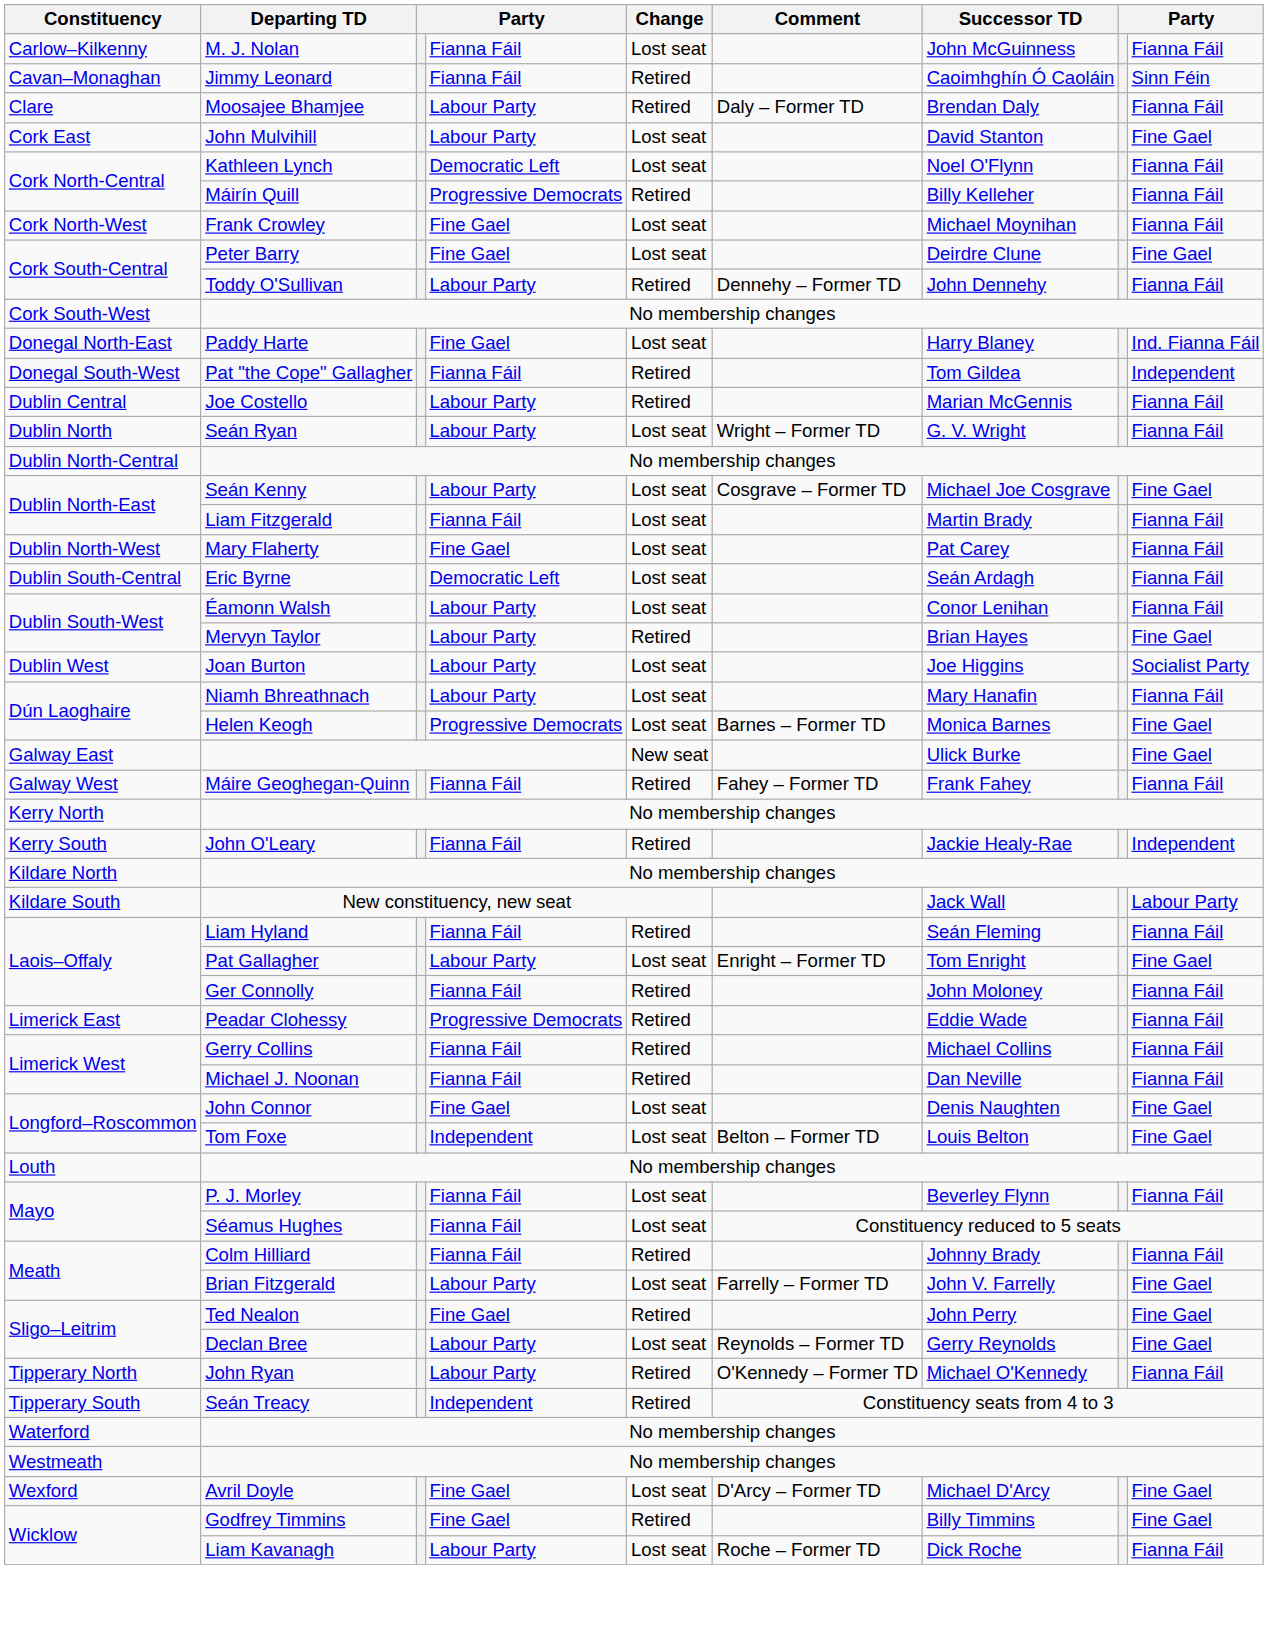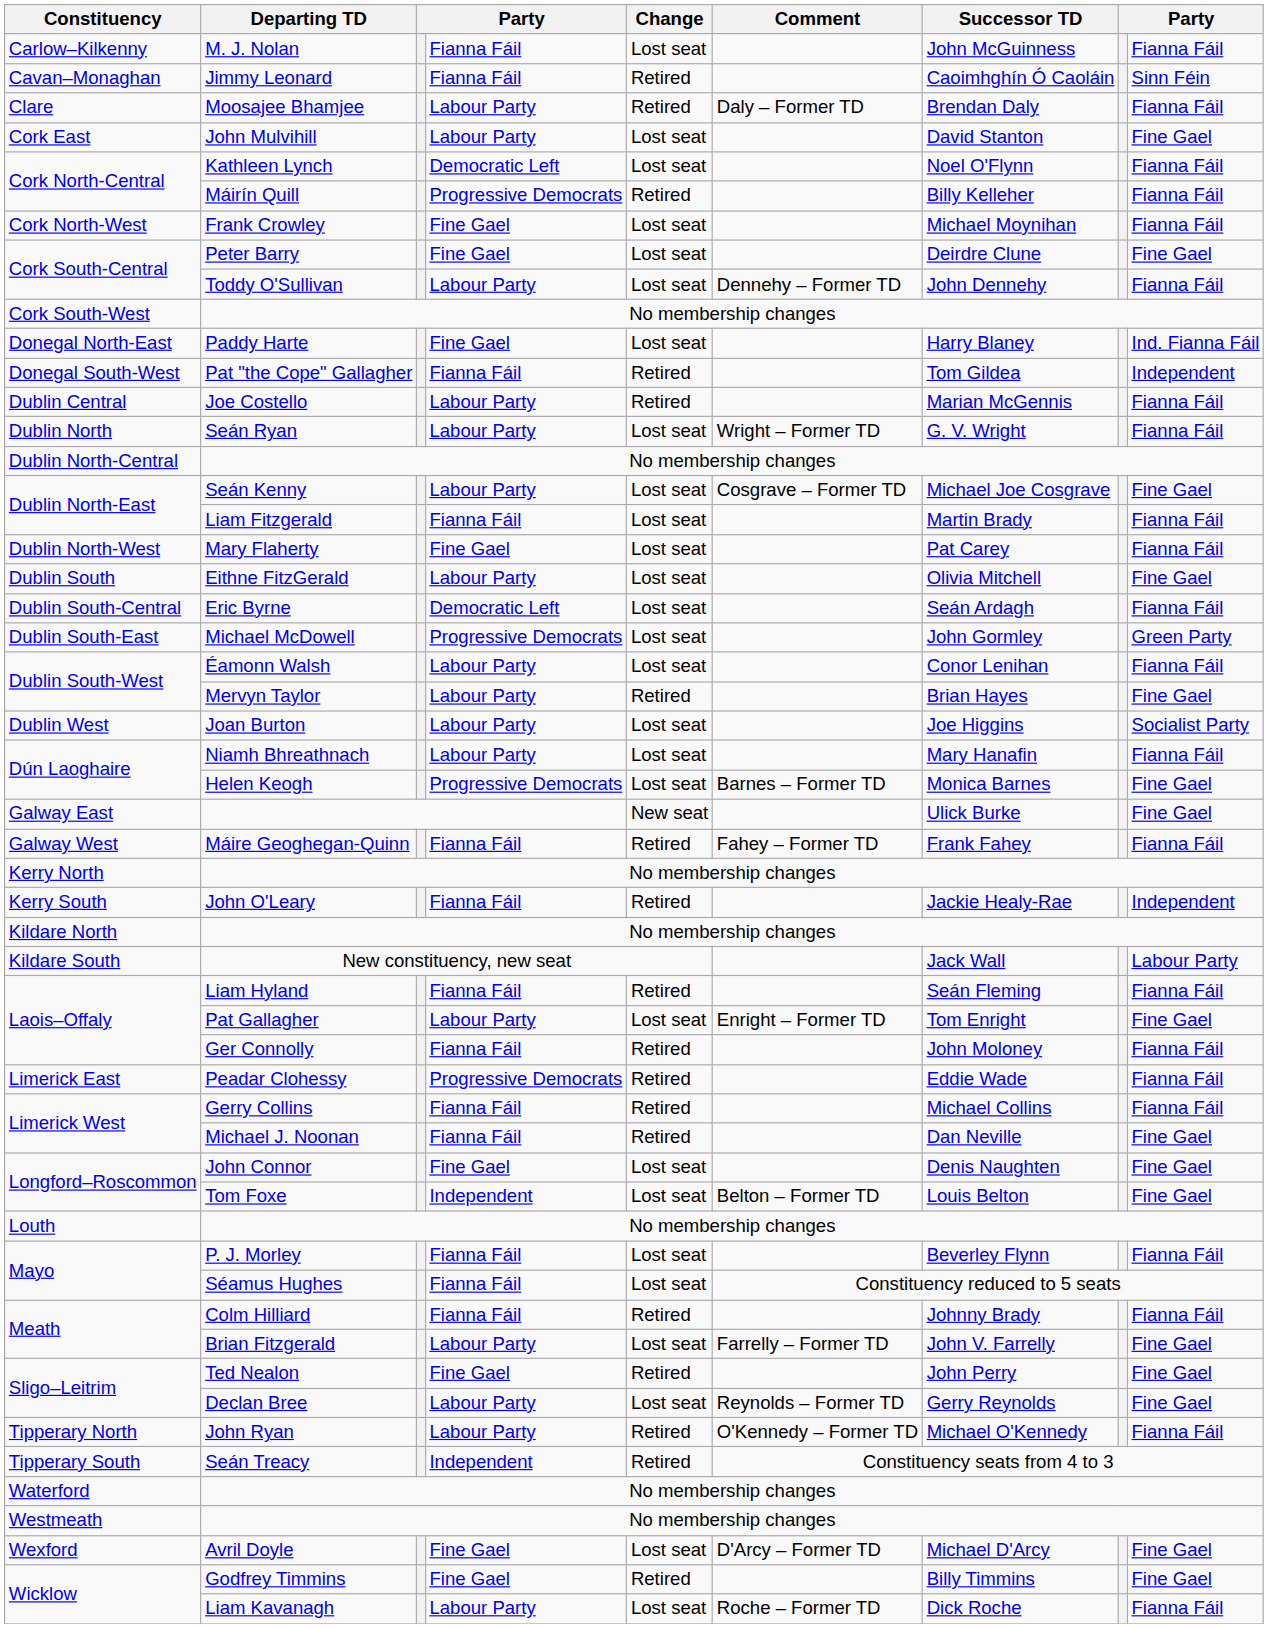 <table class="wikitable">
 <tr style="background: #efefef;">
 <th scope="col">Constituency</th>
 <th scope="col">Departing TD</th>
 <th scope="col" colspan="2">Party</th>
 <th scope="col">Change</th>
 <th scope="col">Comment</th>
 <th scope="col">Successor TD</th>
 <th scope="col" colspan="2">Party</th>
 </tr>
 <tr>
 <td><a href='#'>Carlow–Kilkenny</a></td>
 <td><a href='#'>M. J. Nolan</a></td>
 <th style="background-color: "></th>
 <td><a href='#'>Fianna Fáil</a></td>
 <td>Lost seat</td>
 <td></td>
 <td><a href='#'>John McGuinness</a></td>
 <th style="background-color: "></th>
 <td><a href='#'>Fianna Fáil</a></td>
 </tr>
 <tr>
 <td><a href='#'>Cavan–Monaghan</a></td>
 <td><a href='#'>Jimmy Leonard</a></td>
 <th style="background-color: "></th>
 <td><a href='#'>Fianna Fáil</a></td>
 <td>Retired</td>
 <td></td>
 <td><a href='#'>Caoimhghín Ó Caoláin</a></td>
 <th style="background-color: "></th>
 <td><a href='#'>Sinn Féin</a></td>
 </tr>
 <tr>
 <td><a href='#'>Clare</a></td>
 <td><a href='#'>Moosajee Bhamjee</a></td>
 <th style="background-color: "></th>
 <td><a href='#'>Labour Party</a></td>
 <td>Retired</td>
 <td>Daly – Former TD</td>
 <td><a href='#'>Brendan Daly</a></td>
 <th style="background-color: "></th>
 <td><a href='#'>Fianna Fáil</a></td>
 </tr>
 <tr>
 <td><a href='#'>Cork East</a></td>
 <td><a href='#'>John Mulvihill</a></td>
 <th style="background-color: "></th>
 <td><a href='#'>Labour Party</a></td>
 <td>Lost seat</td>
 <td></td>
 <td><a href='#'>David Stanton</a></td>
 <th style="background-color: "></th>
 <td><a href='#'>Fine Gael</a></td>
 </tr>
 <tr>
 <td rowspan=2><a href='#'>Cork North-Central</a></td>
 <td><a href='#'>Kathleen Lynch</a></td>
 <th style="background-color: "></th>
 <td><a href='#'>Democratic Left</a></td>
 <td>Lost seat</td>
 <td></td>
 <td><a href='#'>Noel O'Flynn</a></td>
 <th style="background-color: "></th>
 <td><a href='#'>Fianna Fáil</a></td>
 </tr>
 <tr>
 <td><a href='#'>Máirín Quill</a></td>
 <th style="background-color: "></th>
 <td><a href='#'>Progressive Democrats</a></td>
 <td>Retired</td>
 <td></td>
 <td><a href='#'>Billy Kelleher</a></td>
 <th style="background-color: "></th>
 <td><a href='#'>Fianna Fáil</a></td>
 </tr>
 <tr>
 <td><a href='#'>Cork North-West</a></td>
 <td><a href='#'>Frank Crowley</a></td>
 <th style="background-color: "></th>
 <td><a href='#'>Fine Gael</a></td>
 <td>Lost seat</td>
 <td></td>
 <td><a href='#'>Michael Moynihan</a></td>
 <th style="background-color: "></th>
 <td><a href='#'>Fianna Fáil</a></td>
 </tr>
 <tr>
 <td rowspan=2><a href='#'>Cork South-Central</a></td>
 <td><a href='#'>Peter Barry</a></td>
 <th style="background-color: "></th>
 <td><a href='#'>Fine Gael</a></td>
 <td>Lost seat</td>
 <td></td>
 <td><a href='#'>Deirdre Clune</a></td>
 <th style="background-color: "></th>
 <td><a href='#'>Fine Gael</a></td>
 </tr>
 <tr>
 <td><a href='#'>Toddy O'Sullivan</a></td>
 <th style="background-color: "></th>
 <td><a href='#'>Labour Party</a></td>
-<td>Retired</td>
+<td>Lost seat</td>
 <td>Dennehy – Former TD</td>
 <td><a href='#'>John Dennehy</a></td>
 <th style="background-color: "></th>
 <td><a href='#'>Fianna Fáil</a></td>
 </tr>
 <tr>
 <td><a href='#'>Cork South-West</a></td>
 <td colspan=8 align=center>No membership changes</td>
 </tr>
 <tr>
 <td><a href='#'>Donegal North-East</a></td>
 <td><a href='#'>Paddy Harte</a></td>
 <th style="background-color: "></th>
 <td><a href='#'>Fine Gael</a></td>
 <td>Lost seat</td>
 <td></td>
 <td><a href='#'>Harry Blaney</a></td>
 <th style="background-color: "></th>
 <td><a href='#'>Ind. Fianna Fáil</a></td>
 </tr>
 <tr>
 <td><a href='#'>Donegal South-West</a></td>
 <td><a href='#'>Pat "the Cope" Gallagher</a></td>
 <th style="background-color: "></th>
 <td><a href='#'>Fianna Fáil</a></td>
 <td>Retired</td>
 <td></td>
 <td><a href='#'>Tom Gildea</a></td>
 <th style="background-color: "></th>
 <td><a href='#'>Independent</a></td>
 </tr>
 <tr>
 <td><a href='#'>Dublin Central</a></td>
 <td><a href='#'>Joe Costello</a></td>
 <th style="background-color: "></th>
 <td><a href='#'>Labour Party</a></td>
 <td>Retired</td>
 <td></td>
 <td><a href='#'>Marian McGennis</a></td>
 <th style="background-color: "></th>
 <td><a href='#'>Fianna Fáil</a></td>
 </tr>
 <tr>
 <td><a href='#'>Dublin North</a></td>
 <td><a href='#'>Seán Ryan</a></td>
 <th style="background-color: "></th>
 <td><a href='#'>Labour Party</a></td>
 <td>Lost seat</td>
 <td>Wright – Former TD</td>
 <td><a href='#'>G. V. Wright</a></td>
 <th style="background-color: "></th>
 <td><a href='#'>Fianna Fáil</a></td>
 </tr>
 <tr>
 <td><a href='#'>Dublin North-Central</a></td>
 <td colspan=8 align=center>No membership changes</td>
 </tr>
 <tr>
 <td rowspan=2><a href='#'>Dublin North-East</a></td>
 <td><a href='#'>Seán Kenny</a></td>
 <th style="background-color: "></th>
 <td><a href='#'>Labour Party</a></td>
 <td>Lost seat</td>
 <td>Cosgrave – Former TD</td>
 <td><a href='#'>Michael Joe Cosgrave</a></td>
 <th style="background-color: "></th>
 <td><a href='#'>Fine Gael</a></td>
 </tr>
 <tr>
 <td><a href='#'>Liam Fitzgerald</a></td>
 <th style="background-color: "></th>
 <td><a href='#'>Fianna Fáil</a></td>
 <td>Lost seat</td>
 <td></td>
 <td><a href='#'>Martin Brady</a></td>
 <th style="background-color: "></th>
 <td><a href='#'>Fianna Fáil</a></td>
 </tr>
 <tr>
 <td><a href='#'>Dublin North-West</a></td>
 <td><a href='#'>Mary Flaherty</a></td>
 <th style="background-color: "></th>
 <td><a href='#'>Fine Gael</a></td>
 <td>Lost seat</td>
 <td></td>
 <td><a href='#'>Pat Carey</a></td>
 <th style="background-color: "></th>
 <td><a href='#'>Fianna Fáil</a></td>
 </tr>
 <tr>
+<td><a href='#'>Dublin South</a></td>
+<td><a href='#'>Eithne FitzGerald</a></td>
+<th style="background-color: "></th>
+<td><a href='#'>Labour Party</a></td>
+<td>Lost seat</td>
+<td></td>
+<td><a href='#'>Olivia Mitchell</a></td>
+<th style="background-color: "></th>
+<td><a href='#'>Fine Gael</a></td>
+</tr>
+<tr>
 <td><a href='#'>Dublin South-Central</a></td>
 <td><a href='#'>Eric Byrne</a></td>
 <th style="background-color: "></th>
 <td><a href='#'>Democratic Left</a></td>
 <td>Lost seat</td>
 <td></td>
 <td><a href='#'>Seán Ardagh</a></td>
 <th style="background-color: "></th>
 <td><a href='#'>Fianna Fáil</a></td>
+</tr>
+<tr>
+<td><a href='#'>Dublin South-East</a></td>
+<td><a href='#'>Michael McDowell</a></td>
+<th style="background-color: "></th>
+<td><a href='#'>Progressive Democrats</a></td>
+<td>Lost seat</td>
+<td></td>
+<td><a href='#'>John Gormley</a></td>
+<th style="background-color: "></th>
+<td><a href='#'>Green Party</a></td>
 </tr>
 <tr>
 <td rowspan=2><a href='#'>Dublin South-West</a></td>
 <td><a href='#'>Éamonn Walsh</a></td>
 <th style="background-color: "></th>
 <td><a href='#'>Labour Party</a></td>
 <td>Lost seat</td>
 <td></td>
 <td><a href='#'>Conor Lenihan</a></td>
 <th style="background-color: "></th>
 <td><a href='#'>Fianna Fáil</a></td>
 </tr>
 <tr>
 <td><a href='#'>Mervyn Taylor</a></td>
 <th style="background-color: "></th>
 <td><a href='#'>Labour Party</a></td>
 <td>Retired</td>
 <td></td>
 <td><a href='#'>Brian Hayes</a></td>
 <th style="background-color: "></th>
 <td><a href='#'>Fine Gael</a></td>
 </tr>
 <tr>
 <td><a href='#'>Dublin West</a></td>
 <td><a href='#'>Joan Burton</a></td>
 <th style="background-color: "></th>
 <td><a href='#'>Labour Party</a></td>
 <td>Lost seat</td>
 <td></td>
 <td><a href='#'>Joe Higgins</a></td>
 <th style="background-color: "></th>
 <td><a href='#'>Socialist Party</a></td>
 </tr>
 <tr>
 <td rowspan=2><a href='#'>Dún Laoghaire</a></td>
 <td><a href='#'>Niamh Bhreathnach</a></td>
 <th style="background-color: "></th>
 <td><a href='#'>Labour Party</a></td>
 <td>Lost seat</td>
 <td></td>
 <td><a href='#'>Mary Hanafin</a></td>
 <th style="background-color: "></th>
 <td><a href='#'>Fianna Fáil</a></td>
 </tr>
 <tr>
 <td><a href='#'>Helen Keogh</a></td>
 <th style="background-color: "></th>
 <td><a href='#'>Progressive Democrats</a></td>
 <td>Lost seat</td>
 <td>Barnes – Former TD</td>
 <td><a href='#'>Monica Barnes</a></td>
 <th style="background-color: "></th>
 <td><a href='#'>Fine Gael</a></td>
 </tr>
 <tr>
 <td><a href='#'>Galway East</a></td>
 <td colspan=3></td>
 <td>New seat</td>
 <td></td>
 <td><a href='#'>Ulick Burke</a></td>
 <th style="background-color: "></th>
 <td><a href='#'>Fine Gael</a></td>
 </tr>
 <tr>
 <td><a href='#'>Galway West</a></td>
 <td><a href='#'>Máire Geoghegan-Quinn</a></td>
 <th style="background-color: "></th>
 <td><a href='#'>Fianna Fáil</a></td>
 <td>Retired</td>
 <td>Fahey – Former TD</td>
 <td><a href='#'>Frank Fahey</a></td>
 <th style="background-color: "></th>
 <td><a href='#'>Fianna Fáil</a></td>
 </tr>
 <tr>
 <td><a href='#'>Kerry North</a></td>
 <td colspan=8 align=center>No membership changes</td>
 </tr>
 <tr>
 <td><a href='#'>Kerry South</a></td>
 <td><a href='#'>John O'Leary</a></td>
 <th style="background-color: "></th>
 <td><a href='#'>Fianna Fáil</a></td>
 <td>Retired</td>
 <td></td>
 <td><a href='#'>Jackie Healy-Rae</a></td>
 <th style="background-color: "></th>
 <td><a href='#'>Independent</a></td>
 </tr>
 <tr>
 <td><a href='#'>Kildare North</a></td>
 <td colspan=8 align=center>No membership changes</td>
 </tr>
 <tr>
 <td><a href='#'>Kildare South</a></td>
 <td colspan=4 align=center>New constituency, new seat</td>
 <td></td>
 <td><a href='#'>Jack Wall</a></td>
 <th style="background-color: "></th>
 <td><a href='#'>Labour Party</a></td>
 </tr>
 <tr>
 <td rowspan=3><a href='#'>Laois–Offaly</a></td>
 <td><a href='#'>Liam Hyland</a></td>
 <th style="background-color: "></th>
 <td><a href='#'>Fianna Fáil</a></td>
 <td>Retired</td>
 <td></td>
 <td><a href='#'>Seán Fleming</a></td>
 <th style="background-color: "></th>
 <td><a href='#'>Fianna Fáil</a></td>
 </tr>
 <tr>
 <td><a href='#'>Pat Gallagher</a></td>
 <th style="background-color: "></th>
 <td><a href='#'>Labour Party</a></td>
 <td>Lost seat</td>
 <td>Enright – Former TD</td>
 <td><a href='#'>Tom Enright</a></td>
 <th style="background-color: "></th>
 <td><a href='#'>Fine Gael</a></td>
 </tr>
 <tr>
 <td><a href='#'>Ger Connolly</a></td>
 <th style="background-color: "></th>
 <td><a href='#'>Fianna Fáil</a></td>
 <td>Retired</td>
 <td></td>
 <td><a href='#'>John Moloney</a></td>
 <th style="background-color: "></th>
 <td><a href='#'>Fianna Fáil</a></td>
 </tr>
 <tr>
 <td><a href='#'>Limerick East</a></td>
 <td><a href='#'>Peadar Clohessy</a></td>
 <th style="background-color: "></th>
 <td><a href='#'>Progressive Democrats</a></td>
 <td>Retired</td>
 <td></td>
 <td><a href='#'>Eddie Wade</a></td>
 <th style="background-color: "></th>
 <td><a href='#'>Fianna Fáil</a></td>
 </tr>
 <tr>
 <td rowspan=2><a href='#'>Limerick West</a></td>
 <td><a href='#'>Gerry Collins</a></td>
 <th style="background-color: "></th>
 <td><a href='#'>Fianna Fáil</a></td>
 <td>Retired</td>
 <td></td>
 <td><a href='#'>Michael Collins</a></td>
 <th style="background-color: "></th>
 <td><a href='#'>Fianna Fáil</a></td>
 </tr>
 <tr>
 <td><a href='#'>Michael J. Noonan</a></td>
 <th style="background-color: "></th>
 <td><a href='#'>Fianna Fáil</a></td>
 <td>Retired</td>
 <td></td>
 <td><a href='#'>Dan Neville</a></td>
 <th style="background-color: "></th>
-<td><a href='#'>Fianna Fáil</a></td>
+<td><a href='#'>Fine Gael</a></td>
 </tr>
 <tr>
 <td rowspan=2><a href='#'>Longford–Roscommon</a></td>
 <td><a href='#'>John Connor</a></td>
 <th style="background-color: "></th>
 <td><a href='#'>Fine Gael</a></td>
 <td>Lost seat</td>
 <td></td>
 <td><a href='#'>Denis Naughten</a></td>
 <th style="background-color: "></th>
 <td><a href='#'>Fine Gael</a></td>
 </tr>
 <tr>
 <td><a href='#'>Tom Foxe</a></td>
 <th style="background-color: "></th>
 <td><a href='#'>Independent</a></td>
 <td>Lost seat</td>
 <td>Belton – Former TD</td>
 <td><a href='#'>Louis Belton</a></td>
 <th style="background-color: "></th>
 <td><a href='#'>Fine Gael</a></td>
 </tr>
 <tr>
 <td><a href='#'>Louth</a></td>
 <td colspan=8 align=center>No membership changes</td>
 </tr>
 <tr>
 <td rowspan=2><a href='#'>Mayo</a></td>
 <td><a href='#'>P. J. Morley</a></td>
 <th style="background-color: "></th>
 <td><a href='#'>Fianna Fáil</a></td>
 <td>Lost seat</td>
 <td></td>
 <td><a href='#'>Beverley Flynn</a></td>
 <th style="background-color: "></th>
 <td><a href='#'>Fianna Fáil</a></td>
 </tr>
 <tr>
 <td><a href='#'>Séamus Hughes</a></td>
 <th style="background-color: "></th>
 <td><a href='#'>Fianna Fáil</a></td>
 <td>Lost seat</td>
 <td colspan=4 align=center>Constituency reduced to 5 seats</td>
 </tr>
 <tr>
 <td rowspan=2><a href='#'>Meath</a></td>
 <td><a href='#'>Colm Hilliard</a></td>
 <th style="background-color: "></th>
 <td><a href='#'>Fianna Fáil</a></td>
 <td>Retired</td>
 <td></td>
 <td><a href='#'>Johnny Brady</a></td>
 <th style="background-color: "></th>
 <td><a href='#'>Fianna Fáil</a></td>
 </tr>
 <tr>
 <td><a href='#'>Brian Fitzgerald</a></td>
 <th style="background-color: "></th>
 <td><a href='#'>Labour Party</a></td>
 <td>Lost seat</td>
 <td>Farrelly – Former TD</td>
 <td><a href='#'>John V. Farrelly</a></td>
 <th style="background-color: "></th>
 <td><a href='#'>Fine Gael</a></td>
 </tr>
 <tr>
 <td rowspan=2><a href='#'>Sligo–Leitrim</a></td>
 <td><a href='#'>Ted Nealon</a></td>
 <th style="background-color: "></th>
 <td><a href='#'>Fine Gael</a></td>
 <td>Retired</td>
 <td></td>
 <td><a href='#'>John Perry</a></td>
 <th style="background-color: "></th>
 <td><a href='#'>Fine Gael</a></td>
 </tr>
 <tr>
 <td><a href='#'>Declan Bree</a></td>
 <th style="background-color: "></th>
 <td><a href='#'>Labour Party</a></td>
 <td>Lost seat</td>
 <td>Reynolds – Former TD</td>
 <td><a href='#'>Gerry Reynolds</a></td>
 <th style="background-color: "></th>
 <td><a href='#'>Fine Gael</a></td>
 </tr>
 <tr>
 <td><a href='#'>Tipperary North</a></td>
 <td><a href='#'>John Ryan</a></td>
 <th style="background-color: "></th>
 <td><a href='#'>Labour Party</a></td>
 <td>Retired</td>
 <td>O'Kennedy – Former TD</td>
 <td><a href='#'>Michael O'Kennedy</a></td>
 <th style="background-color: "></th>
 <td><a href='#'>Fianna Fáil</a></td>
 </tr>
 <tr>
 <td><a href='#'>Tipperary South</a></td>
 <td><a href='#'>Seán Treacy</a></td>
 <th style="background-color: "></th>
 <td><a href='#'>Independent</a></td>
 <td>Retired</td>
 <td colspan=4 align=center>Constituency seats from 4 to 3</td>
 </tr>
 <tr>
 <td><a href='#'>Waterford</a></td>
 <td colspan=8 align=center>No membership changes</td>
 </tr>
 <tr>
 <td><a href='#'>Westmeath</a></td>
 <td colspan=8 align=center>No membership changes</td>
 </tr>
 <tr>
 <td><a href='#'>Wexford</a></td>
 <td><a href='#'>Avril Doyle</a></td>
 <th style="background-color: "></th>
 <td><a href='#'>Fine Gael</a></td>
 <td>Lost seat</td>
 <td>D'Arcy – Former TD</td>
 <td><a href='#'>Michael D'Arcy</a></td>
 <th style="background-color: "></th>
 <td><a href='#'>Fine Gael</a></td>
 </tr>
 <tr>
 <td rowspan=2><a href='#'>Wicklow</a></td>
 <td><a href='#'>Godfrey Timmins</a></td>
 <th style="background-color: "></th>
 <td><a href='#'>Fine Gael</a></td>
 <td>Retired</td>
 <td></td>
 <td><a href='#'>Billy Timmins</a></td>
 <th style="background-color: "></th>
 <td><a href='#'>Fine Gael</a></td>
 </tr>
 <tr>
 <td><a href='#'>Liam Kavanagh</a></td>
 <th style="background-color: "></th>
 <td><a href='#'>Labour Party</a></td>
 <td>Lost seat</td>
 <td>Roche – Former TD</td>
 <td><a href='#'>Dick Roche</a></td>
 <th style="background-color: "></th>
 <td><a href='#'>Fianna Fáil</a></td>
 </tr>
 </table>
